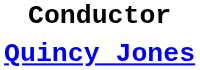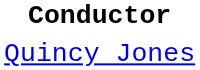 <table>
 <tr>
 <th>Conductor</th>
 </tr>
 <tr>
-<td><strong> <a href='#'>Quincy Jones</a></strong></td>
+<td> <a href='#'>Quincy Jones</a></td>
 </tr>
 </table>
